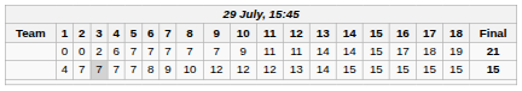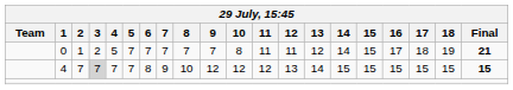 <table class=wikitable style="text-align:center; width: 55%">
 <tr>
 <th colspan=20><em>29 July, 15:45</em></th>
 </tr>
 <tr>
 <th>Team</th>
 <th>1</th>
 <th>2</th>
 <th>3</th>
 <th>4</th>
 <th>5</th>
 <th>6</th>
 <th>7</th>
 <th>8</th>
 <th>9</th>
 <th>10</th>
 <th>11</th>
 <th>12</th>
 <th>13</th>
 <th>14</th>
 <th>15</th>
 <th>16</th>
 <th>17</th>
 <th>18</th>
 <th>Final</th>
 </tr>
 <tr>
 <td align=left><strong></strong></td>
 <td>0</td>
-<td>0</td>
+<td>1</td>
 <td>2</td>
-<td>6</td>
+<td>5</td>
 <td>7</td>
 <td>7</td>
 <td>7</td>
 <td>7</td>
 <td>7</td>
-<td>9</td>
+<td>8</td>
 <td>11</td>
 <td>11</td>
-<td>14</td>
+<td>12</td>
 <td>14</td>
 <td>15</td>
 <td>17</td>
 <td>18</td>
 <td>19</td>
 <td><strong>21</strong></td>
 </tr>
 <tr>
 <td align=left></td>
 <td>4</td>
 <td>7</td>
 <td style="background: lightgrey;">7</td>
 <td>7</td>
 <td>7</td>
 <td>8</td>
 <td>9</td>
 <td>10</td>
 <td>12</td>
 <td>12</td>
 <td>12</td>
 <td>13</td>
 <td>14</td>
 <td>15</td>
 <td>15</td>
 <td>15</td>
 <td>15</td>
 <td>15</td>
 <td><strong>15</strong></td>
 </tr>
 <tr>
 <td colspan=20></td>
 </tr>
 </table>
